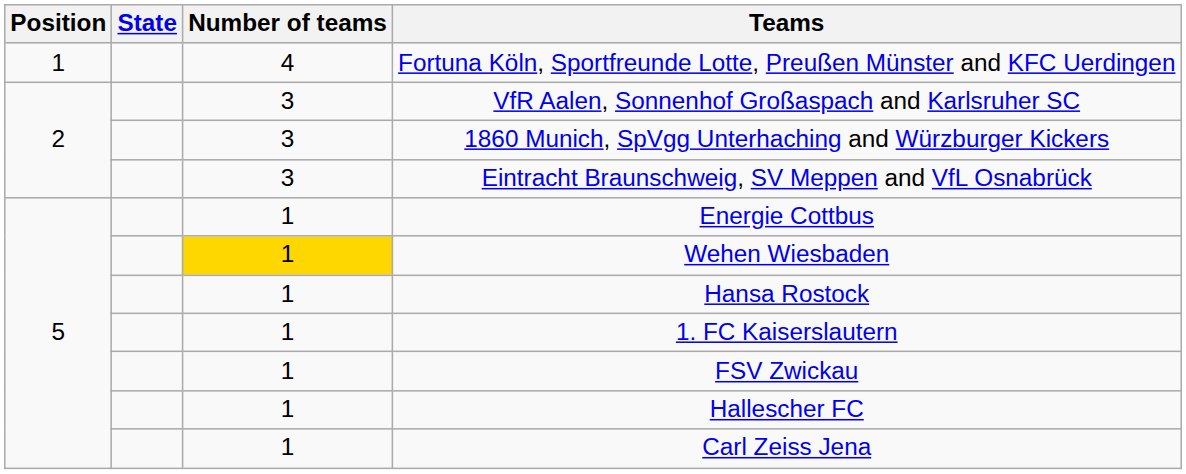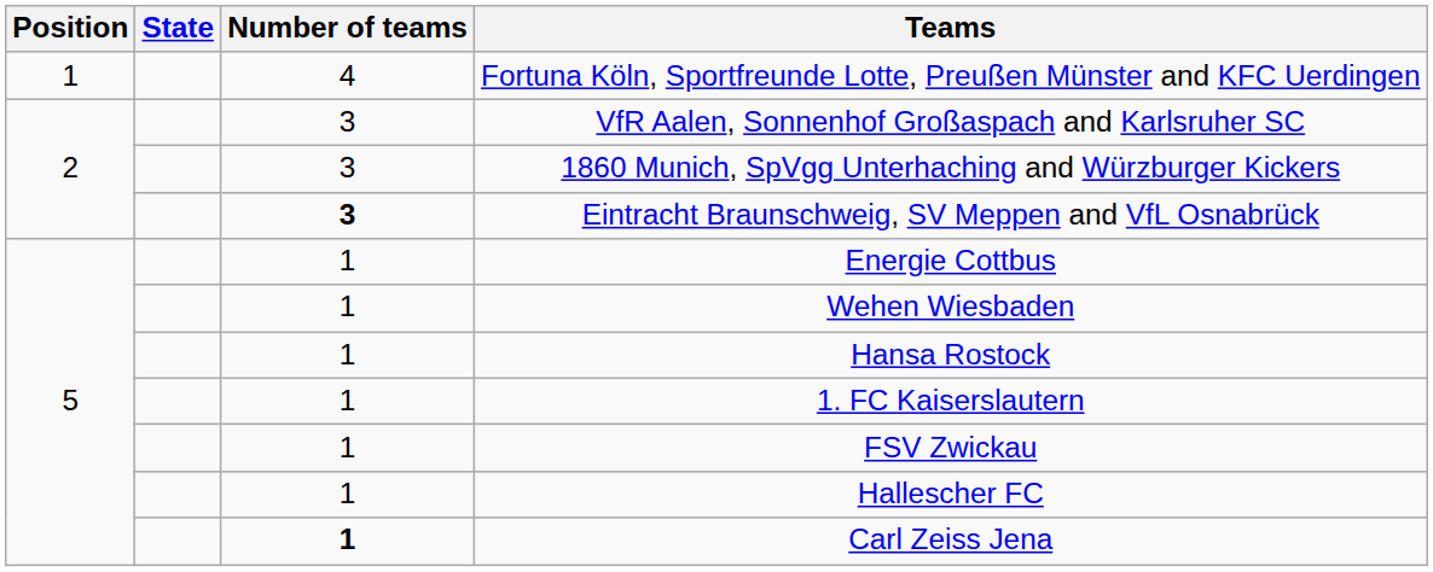 <table class="wikitable">
 <tr>
 <th>Position</th>
 <th><a href='#'>State</a></th>
 <th>Number of teams</th>
 <th>Teams</th>
 </tr>
 <tr>
 <td align=center>1</td>
 <td></td>
 <td align=center>4</td>
 <td align=center><a href='#'>Fortuna Köln</a>, <a href='#'>Sportfreunde Lotte</a>, <a href='#'>Preußen Münster</a> and <a href='#'>KFC Uerdingen</a></td>
 </tr>
 <tr>
 <td align=center rowspan=3>2</td>
 <td></td>
 <td align=center>3</td>
 <td align=center><a href='#'>VfR Aalen</a>, <a href='#'>Sonnenhof Großaspach</a> and <a href='#'>Karlsruher SC</a></td>
 </tr>
 <tr>
 <td></td>
 <td align=center>3</td>
 <td align=center><a href='#'>1860 Munich</a>, <a href='#'>SpVgg Unterhaching</a> and <a href='#'>Würzburger Kickers</a></td>
 </tr>
 <tr>
 <td></td>
-<td align=center>3</td>
+<td align=center><strong>3</strong></td>
 <td align=center><a href='#'>Eintracht Braunschweig</a>, <a href='#'>SV Meppen</a> and <a href='#'>VfL Osnabrück</a></td>
 </tr>
 <tr>
 <td align=center rowspan=7>5</td>
 <td></td>
 <td align=center>1</td>
 <td align=center><a href='#'>Energie Cottbus</a></td>
 </tr>
 <tr>
 <td></td>
-<td align=center style="background: gold;">1</td>
+<td align=center>1</td>
 <td align=center><a href='#'>Wehen Wiesbaden</a></td>
 </tr>
 <tr>
 <td></td>
 <td align=center>1</td>
 <td align=center><a href='#'>Hansa Rostock</a></td>
 </tr>
 <tr>
 <td></td>
 <td align=center>1</td>
 <td align=center><a href='#'>1. FC Kaiserslautern</a></td>
 </tr>
 <tr>
 <td></td>
 <td align=center>1</td>
 <td align=center><a href='#'>FSV Zwickau</a></td>
 </tr>
 <tr>
 <td></td>
 <td align=center>1</td>
 <td align=center><a href='#'>Hallescher FC</a></td>
 </tr>
 <tr>
 <td></td>
-<td align=center>1</td>
+<td align=center><strong>1</strong></td>
 <td align=center><a href='#'>Carl Zeiss Jena</a></td>
 </tr>
 </table>
